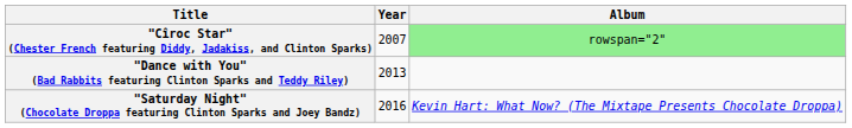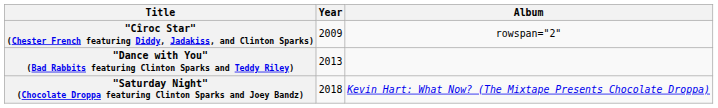 <table class="wikitable plainrowheaders" style="text-align:center;">
 <tr>
 <th scope="col">Title</th>
 <th scope="col">Year</th>
 <th scope="col">Album</th>
 </tr>
 <tr>
 <th scope="row">"Cîroc Star"<br><small>(<a href='#'>Chester French</a> featuring <a href='#'>Diddy</a>, <a href='#'>Jadakiss</a>, and Clinton Sparks)</small></th>
-<td>2007</td>
-<td style="background: lightgreen;">rowspan="2" </td>
+<td>2009</td>
+<td>rowspan="2" </td>
 </tr>
 <tr>
 <th scope="row">"Dance with You"<br><small>(<a href='#'>Bad Rabbits</a> featuring Clinton Sparks and <a href='#'>Teddy Riley</a>)</small></th>
 <td>2013</td>
 </tr>
 <tr>
 <th scope="row">"Saturday Night"<br><small>(<a href='#'>Chocolate Droppa</a> featuring Clinton Sparks and Joey Bandz)</small></th>
-<td>2016</td>
+<td>2018</td>
 <td><em><a href='#'>Kevin Hart: What Now? (The Mixtape Presents Chocolate Droppa)</a></em></td>
 </tr>
 </table>
